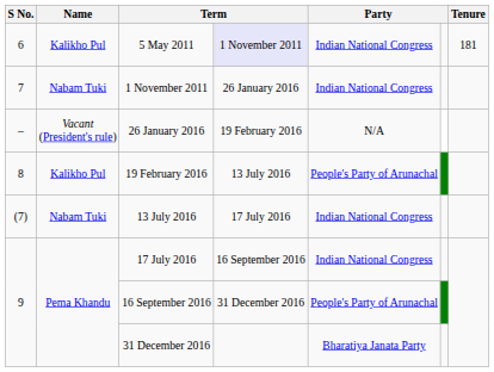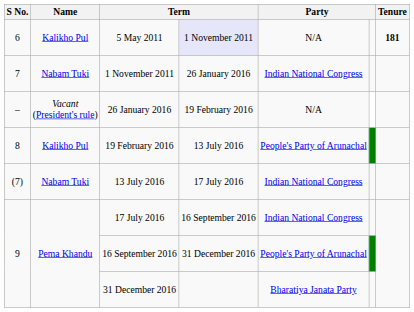 <table class="wikitable sortable" style="text-align:center">
 <tr>
 <th scope="col">S No.</th>
 <th scope="col">Name</th>
 <th colspan="2" scope="col">Term</th>
 <th colspan="2" scope="col">Party</th>
 <th scope="col">Tenure<br></th>
 </tr>
 <tr style="height: 60px;">
 <td>6</td>
 <td><a href='#'>Kalikho Pul</a></td>
 <td>5 May 2011</td>
 <td style="background: lavender;">1 November 2011</td>
-<td><a href='#'>Indian National Congress</a></td>
+<td>N/A</td>
 <td style="background-color: "></td>
-<td>181</td>
+<td><strong>181</strong></td>
 </tr>
 <tr style="height: 60px;">
 <td>7</td>
 <td><a href='#'>Nabam Tuki</a></td>
 <td>1 November 2011</td>
 <td>26 January 2016</td>
 <td><a href='#'>Indian National Congress</a></td>
 <td style="background-color: "></td>
 <td></td>
 </tr>
 <tr style="height: 60px;">
 <td>–</td>
 <td><em>Vacant</em><br>(<a href='#'>President's rule</a>)</td>
 <td>26 January 2016</td>
 <td>19 February 2016</td>
 <td>N/A</td>
 <td style="background-color: white" width="4px"></td>
 <td></td>
 </tr>
 <tr style="height: 60px;">
 <td>8</td>
 <td><a href='#'>Kalikho Pul</a></td>
 <td>19 February 2016</td>
 <td>13 July 2016</td>
 <td><a href='#'>People's Party of Arunachal</a></td>
 <td style="background-color: green" width="4px"></td>
 <td></td>
 </tr>
 <tr style="height: 60px;">
 <td>(7)</td>
 <td><a href='#'>Nabam Tuki</a></td>
 <td>13 July 2016</td>
 <td>17 July 2016</td>
 <td><a href='#'>Indian National Congress</a></td>
 <td style="background-color: "></td>
 <td></td>
 </tr>
 <tr style="height: 60px;">
 <td rowspan="3">9</td>
 <td rowspan="3"><a href='#'>Pema Khandu</a></td>
 <td>17 July 2016</td>
 <td>16 September 2016</td>
 <td><a href='#'>Indian National Congress</a></td>
 <td style="background-color: "></td>
 <td rowspan="3"></td>
 </tr>
 <tr style="height: 60px;">
 <td>16 September 2016 </td>
 <td>31 December 2016</td>
 <td><a href='#'>People's Party of Arunachal</a></td>
 <td style="background-color: green" width="4px"></td>
 </tr>
 <tr style="height: 60px;">
 <td>31 December 2016</td>
 <td></td>
 <td><a href='#'>Bharatiya Janata Party</a></td>
 <td style="background-color: "></td>
 </tr>
 </table>
